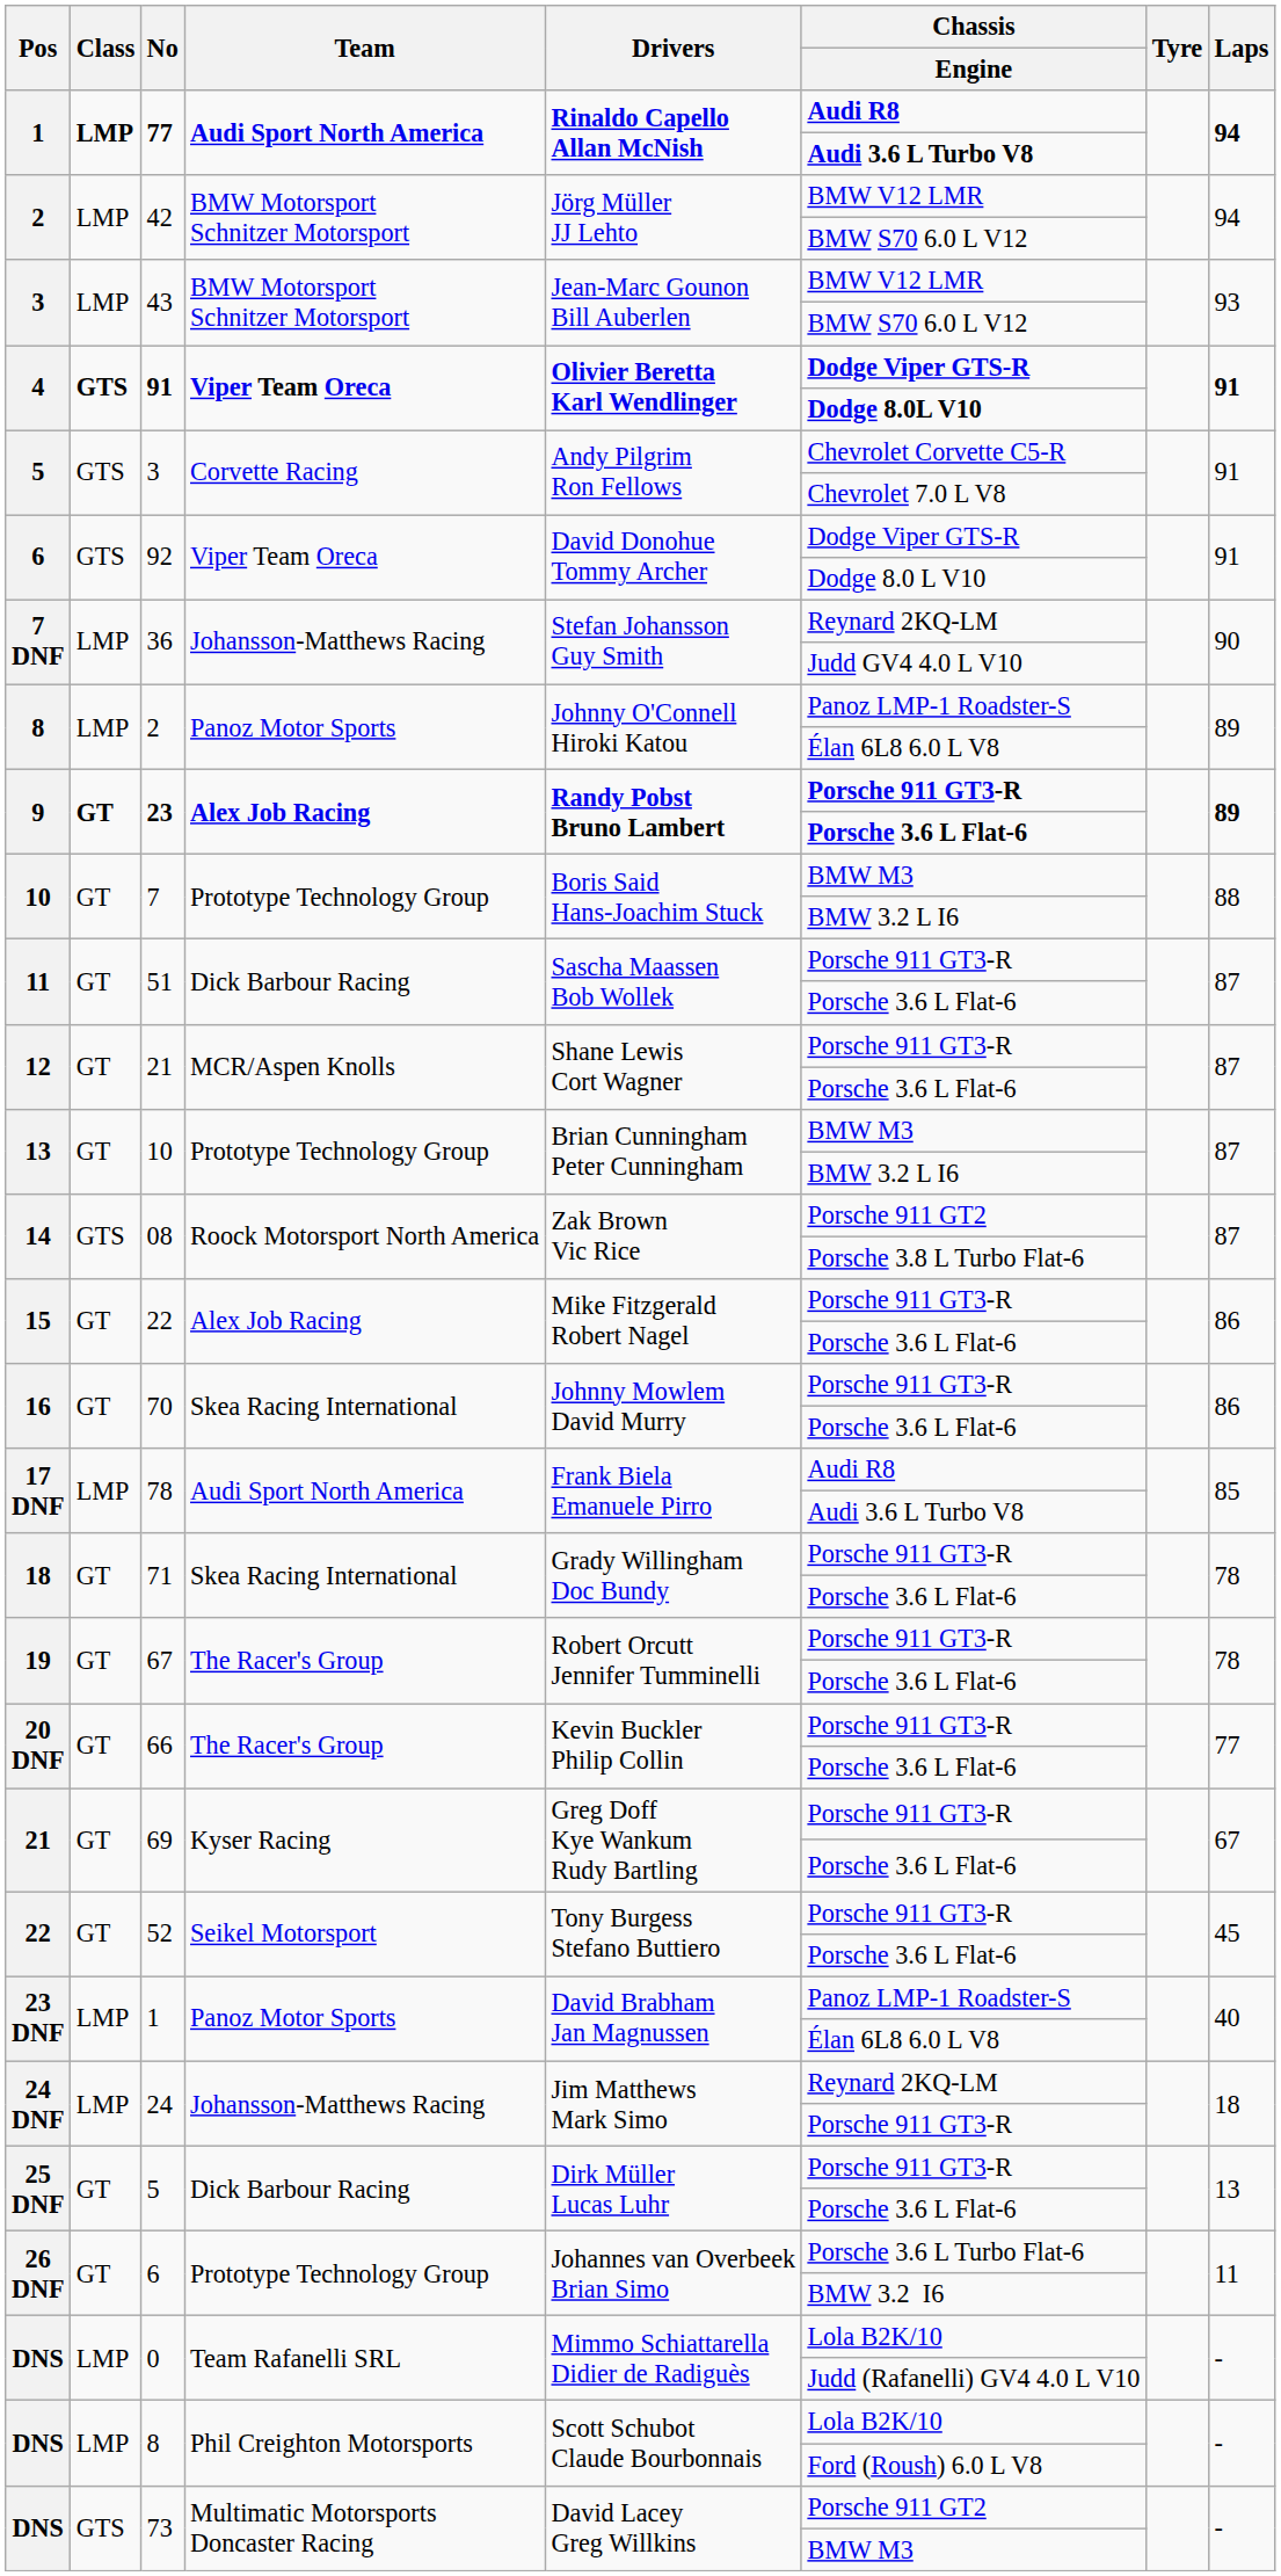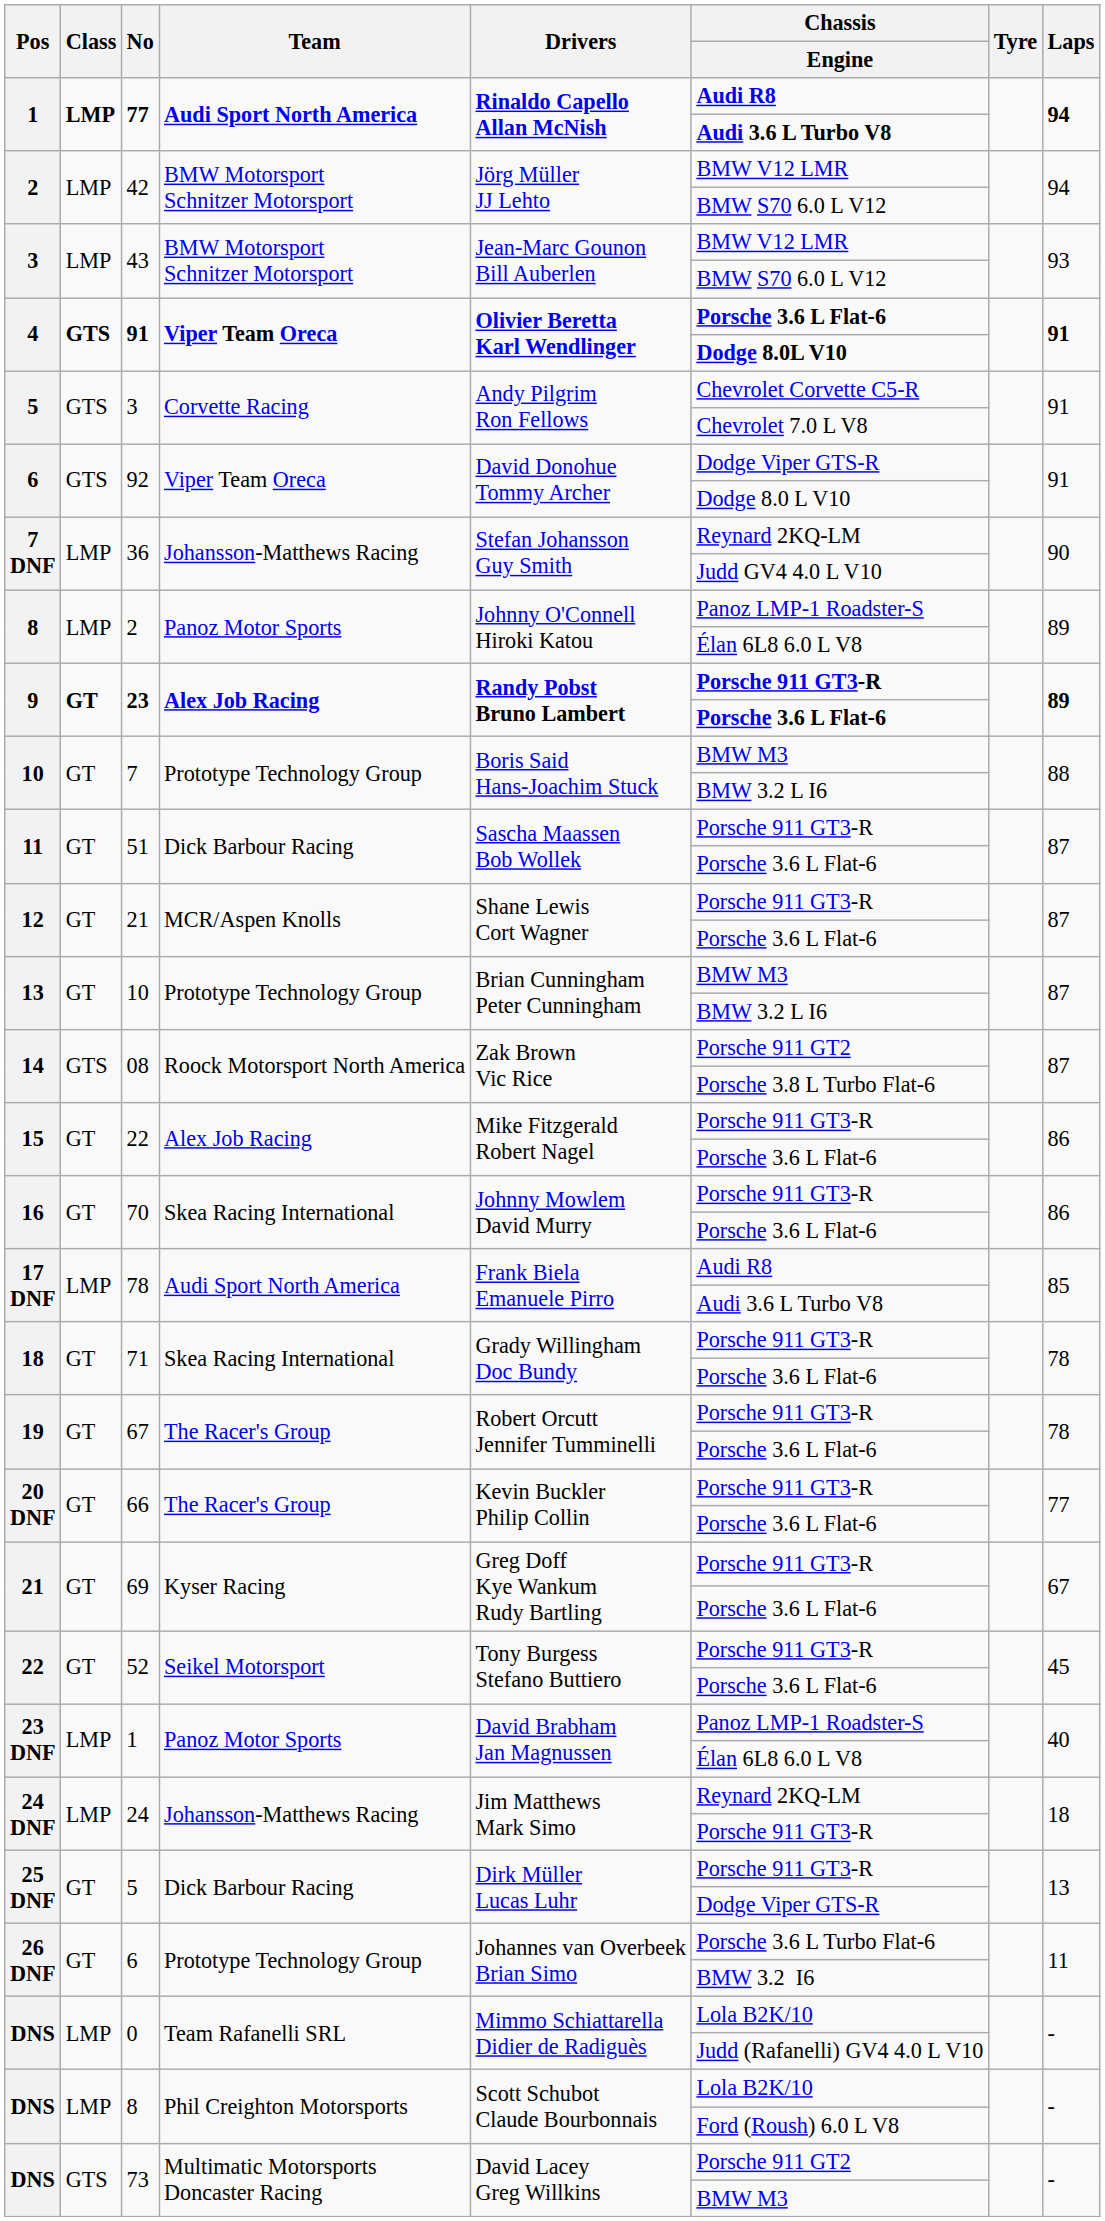 <table class="wikitable" style="font-size: 95%;">
 <tr>
 <th rowspan=2>Pos</th>
 <th rowspan=2>Class</th>
 <th rowspan=2>No</th>
 <th rowspan=2>Team</th>
 <th rowspan=2>Drivers</th>
 <th>Chassis</th>
 <th rowspan=2>Tyre</th>
 <th rowspan=2>Laps</th>
 </tr>
 <tr>
 <th>Engine</th>
 </tr>
 <tr style="font-weight:bold">
 <th rowspan=2>1</th>
 <td rowspan=2>LMP</td>
 <td rowspan=2>77</td>
 <td rowspan=2> <a href='#'>Audi Sport North America</a></td>
 <td rowspan=2> <a href='#'>Rinaldo Capello</a><br> <a href='#'>Allan McNish</a></td>
 <td><a href='#'>Audi R8</a></td>
 <td rowspan=2></td>
 <td rowspan=2>94</td>
 </tr>
 <tr style="font-weight:bold">
 <td><a href='#'>Audi</a> 3.6 L Turbo V8</td>
 </tr>
 <tr>
 <th rowspan=2>2</th>
 <td rowspan=2>LMP</td>
 <td rowspan=2>42</td>
 <td rowspan=2> <a href='#'>BMW Motorsport</a><br> <a href='#'>Schnitzer Motorsport</a></td>
 <td rowspan=2> <a href='#'>Jörg Müller</a><br> <a href='#'>JJ Lehto</a></td>
 <td><a href='#'>BMW V12 LMR</a></td>
 <td rowspan=2></td>
 <td rowspan=2>94</td>
 </tr>
 <tr>
 <td><a href='#'>BMW</a> <a href='#'>S70</a> 6.0 L V12</td>
 </tr>
 <tr>
 <th rowspan=2>3</th>
 <td rowspan=2>LMP</td>
 <td rowspan=2>43</td>
 <td rowspan=2> <a href='#'>BMW Motorsport</a><br> <a href='#'>Schnitzer Motorsport</a></td>
 <td rowspan=2> <a href='#'>Jean-Marc Gounon</a><br> <a href='#'>Bill Auberlen</a></td>
 <td><a href='#'>BMW V12 LMR</a></td>
 <td rowspan=2></td>
 <td rowspan=2>93</td>
 </tr>
 <tr>
 <td><a href='#'>BMW</a> <a href='#'>S70</a> 6.0 L V12</td>
 </tr>
 <tr style="font-weight:bold">
 <th rowspan=2>4</th>
 <td rowspan=2>GTS</td>
 <td rowspan=2>91</td>
 <td rowspan=2> <a href='#'>Viper</a> Team <a href='#'>Oreca</a></td>
 <td rowspan=2> <a href='#'>Olivier Beretta</a><br> <a href='#'>Karl Wendlinger</a></td>
-<td><a href='#'>Dodge Viper GTS-R</a></td>
+<td><a href='#'>Porsche</a> 3.6 L Flat-6</td>
 <td rowspan=2></td>
 <td rowspan=2>91</td>
 </tr>
 <tr style="font-weight:bold">
 <td><a href='#'>Dodge</a> 8.0L V10</td>
 </tr>
 <tr>
 <th rowspan=2>5</th>
 <td rowspan=2>GTS</td>
 <td rowspan=2>3</td>
 <td rowspan=2> <a href='#'>Corvette Racing</a></td>
 <td rowspan=2> <a href='#'>Andy Pilgrim</a><br> <a href='#'>Ron Fellows</a></td>
 <td><a href='#'>Chevrolet Corvette C5-R</a></td>
 <td rowspan=2></td>
 <td rowspan=2>91</td>
 </tr>
 <tr>
 <td><a href='#'>Chevrolet</a> 7.0 L V8</td>
 </tr>
 <tr>
 <th rowspan=2>6</th>
 <td rowspan=2>GTS</td>
 <td rowspan=2>92</td>
 <td rowspan=2> <a href='#'>Viper</a> Team <a href='#'>Oreca</a></td>
 <td rowspan=2> <a href='#'>David Donohue</a><br> <a href='#'>Tommy Archer</a></td>
 <td><a href='#'>Dodge Viper GTS-R</a></td>
 <td rowspan=2></td>
 <td rowspan=2>91</td>
 </tr>
 <tr>
 <td><a href='#'>Dodge</a> 8.0 L V10</td>
 </tr>
 <tr>
 <th rowspan=2>7<br>DNF</th>
 <td rowspan=2>LMP</td>
 <td rowspan=2>36</td>
 <td rowspan=2> <a href='#'>Johansson</a>-Matthews Racing</td>
 <td rowspan=2> <a href='#'>Stefan Johansson</a><br> <a href='#'>Guy Smith</a></td>
 <td><a href='#'>Reynard</a> 2KQ-LM</td>
 <td rowspan=2></td>
 <td rowspan=2>90</td>
 </tr>
 <tr>
 <td><a href='#'>Judd</a> GV4 4.0 L V10</td>
 </tr>
 <tr>
 <th rowspan=2>8</th>
 <td rowspan=2>LMP</td>
 <td rowspan=2>2</td>
 <td rowspan=2> <a href='#'>Panoz Motor Sports</a></td>
 <td rowspan=2> <a href='#'>Johnny O'Connell</a><br> Hiroki Katou</td>
 <td><a href='#'>Panoz LMP-1 Roadster-S</a></td>
 <td rowspan=2></td>
 <td rowspan=2>89</td>
 </tr>
 <tr>
 <td><a href='#'>Élan</a> 6L8 6.0 L V8</td>
 </tr>
 <tr style="font-weight:bold">
 <th rowspan=2>9</th>
 <td rowspan=2>GT</td>
 <td rowspan=2>23</td>
 <td rowspan=2> <a href='#'>Alex Job Racing</a></td>
 <td rowspan=2> <a href='#'>Randy Pobst</a><br> Bruno Lambert</td>
 <td><a href='#'>Porsche 911 GT3</a>-R</td>
 <td rowspan=2></td>
 <td rowspan=2>89</td>
 </tr>
 <tr style="font-weight:bold">
 <td><a href='#'>Porsche</a> 3.6 L Flat-6</td>
 </tr>
 <tr>
 <th rowspan=2>10</th>
 <td rowspan=2>GT</td>
 <td rowspan=2>7</td>
 <td rowspan=2> Prototype Technology Group</td>
 <td rowspan=2> <a href='#'>Boris Said</a><br> <a href='#'>Hans-Joachim Stuck</a></td>
 <td><a href='#'>BMW M3</a></td>
 <td rowspan=2></td>
 <td rowspan=2>88</td>
 </tr>
 <tr>
 <td><a href='#'>BMW</a> 3.2 L I6</td>
 </tr>
 <tr>
 <th rowspan=2>11</th>
 <td rowspan=2>GT</td>
 <td rowspan=2>51</td>
 <td rowspan=2> Dick Barbour Racing</td>
 <td rowspan=2> <a href='#'>Sascha Maassen</a><br> <a href='#'>Bob Wollek</a></td>
 <td><a href='#'>Porsche 911 GT3</a>-R</td>
 <td rowspan=2></td>
 <td rowspan=2>87</td>
 </tr>
 <tr>
 <td><a href='#'>Porsche</a> 3.6 L Flat-6</td>
 </tr>
 <tr>
 <th rowspan=2>12</th>
 <td rowspan=2>GT</td>
 <td rowspan=2>21</td>
 <td rowspan=2> MCR/Aspen Knolls</td>
 <td rowspan=2> Shane Lewis<br> Cort Wagner</td>
 <td><a href='#'>Porsche 911 GT3</a>-R</td>
 <td rowspan=2></td>
 <td rowspan=2>87</td>
 </tr>
 <tr>
 <td><a href='#'>Porsche</a> 3.6 L Flat-6</td>
 </tr>
 <tr>
 <th rowspan=2>13</th>
 <td rowspan=2>GT</td>
 <td rowspan=2>10</td>
 <td rowspan=2> Prototype Technology Group</td>
 <td rowspan=2> Brian Cunningham<br> Peter Cunningham</td>
 <td><a href='#'>BMW M3</a></td>
 <td rowspan=2></td>
 <td rowspan=2>87</td>
 </tr>
 <tr>
 <td><a href='#'>BMW</a> 3.2 L I6</td>
 </tr>
 <tr>
 <th rowspan=2>14</th>
 <td rowspan=2>GTS</td>
 <td rowspan=2>08</td>
 <td rowspan=2> Roock Motorsport North America</td>
 <td rowspan=2> Zak Brown<br> Vic Rice</td>
 <td><a href='#'>Porsche 911 GT2</a></td>
 <td rowspan=2></td>
 <td rowspan=2>87</td>
 </tr>
 <tr>
 <td><a href='#'>Porsche</a> 3.8 L Turbo Flat-6</td>
 </tr>
 <tr>
 <th rowspan=2>15</th>
 <td rowspan=2>GT</td>
 <td rowspan=2>22</td>
 <td rowspan=2> <a href='#'>Alex Job Racing</a></td>
 <td rowspan=2> Mike Fitzgerald<br> Robert Nagel</td>
 <td><a href='#'>Porsche 911 GT3</a>-R</td>
 <td rowspan=2></td>
 <td rowspan=2>86</td>
 </tr>
 <tr>
 <td><a href='#'>Porsche</a> 3.6 L Flat-6</td>
 </tr>
 <tr>
 <th rowspan=2>16</th>
 <td rowspan=2>GT</td>
 <td rowspan=2>70</td>
 <td rowspan=2> Skea Racing International</td>
 <td rowspan=2> <a href='#'>Johnny Mowlem</a><br> David Murry</td>
 <td><a href='#'>Porsche 911 GT3</a>-R</td>
 <td rowspan=2></td>
 <td rowspan=2>86</td>
 </tr>
 <tr>
 <td><a href='#'>Porsche</a> 3.6 L Flat-6</td>
 </tr>
 <tr>
 <th rowspan=2>17<br>DNF</th>
 <td rowspan=2>LMP</td>
 <td rowspan=2>78</td>
 <td rowspan=2> <a href='#'>Audi Sport North America</a></td>
 <td rowspan=2> <a href='#'>Frank Biela</a><br> <a href='#'>Emanuele Pirro</a></td>
 <td><a href='#'>Audi R8</a></td>
 <td rowspan=2></td>
 <td rowspan=2>85</td>
 </tr>
 <tr>
 <td><a href='#'>Audi</a> 3.6 L Turbo V8</td>
 </tr>
 <tr>
 <th rowspan=2>18</th>
 <td rowspan=2>GT</td>
 <td rowspan=2>71</td>
 <td rowspan=2> Skea Racing International</td>
 <td rowspan=2> Grady Willingham<br> <a href='#'>Doc Bundy</a></td>
 <td><a href='#'>Porsche 911 GT3</a>-R</td>
 <td rowspan=2></td>
 <td rowspan=2>78</td>
 </tr>
 <tr>
 <td><a href='#'>Porsche</a> 3.6 L Flat-6</td>
 </tr>
 <tr>
 <th rowspan=2>19</th>
 <td rowspan=2>GT</td>
 <td rowspan=2>67</td>
 <td rowspan=2> <a href='#'>The Racer's Group</a></td>
 <td rowspan=2> Robert Orcutt<br> Jennifer Tumminelli</td>
 <td><a href='#'>Porsche 911 GT3</a>-R</td>
 <td rowspan=2></td>
 <td rowspan=2>78</td>
 </tr>
 <tr>
 <td><a href='#'>Porsche</a> 3.6 L Flat-6</td>
 </tr>
 <tr>
 <th rowspan=2>20<br>DNF</th>
 <td rowspan=2>GT</td>
 <td rowspan=2>66</td>
 <td rowspan=2> <a href='#'>The Racer's Group</a></td>
 <td rowspan=2> Kevin Buckler<br> Philip Collin</td>
 <td><a href='#'>Porsche 911 GT3</a>-R</td>
 <td rowspan=2></td>
 <td rowspan=2>77</td>
 </tr>
 <tr>
 <td><a href='#'>Porsche</a> 3.6 L Flat-6</td>
 </tr>
 <tr>
 <th rowspan=2>21</th>
 <td rowspan=2>GT</td>
 <td rowspan=2>69</td>
 <td rowspan=2> Kyser Racing</td>
 <td rowspan=2> Greg Doff<br> Kye Wankum<br> Rudy Bartling</td>
 <td><a href='#'>Porsche 911 GT3</a>-R</td>
 <td rowspan=2></td>
 <td rowspan=2>67</td>
 </tr>
 <tr>
 <td><a href='#'>Porsche</a> 3.6 L Flat-6</td>
 </tr>
 <tr>
 <th rowspan=2>22</th>
 <td rowspan=2>GT</td>
 <td rowspan=2>52</td>
 <td rowspan=2> <a href='#'>Seikel Motorsport</a></td>
 <td rowspan=2> Tony Burgess<br> Stefano Buttiero</td>
 <td><a href='#'>Porsche 911 GT3</a>-R</td>
 <td rowspan=2></td>
 <td rowspan=2>45</td>
 </tr>
 <tr>
 <td><a href='#'>Porsche</a> 3.6 L Flat-6</td>
 </tr>
 <tr>
 <th rowspan=2>23<br>DNF</th>
 <td rowspan=2>LMP</td>
 <td rowspan=2>1</td>
 <td rowspan=2> <a href='#'>Panoz Motor Sports</a></td>
 <td rowspan=2> <a href='#'>David Brabham</a><br> <a href='#'>Jan Magnussen</a></td>
 <td><a href='#'>Panoz LMP-1 Roadster-S</a></td>
 <td rowspan=2></td>
 <td rowspan=2>40</td>
 </tr>
 <tr>
 <td><a href='#'>Élan</a> 6L8 6.0 L V8</td>
 </tr>
 <tr>
 <th rowspan=2>24<br>DNF</th>
 <td rowspan=2>LMP</td>
 <td rowspan=2>24</td>
 <td rowspan=2> <a href='#'>Johansson</a>-Matthews Racing</td>
 <td rowspan=2> Jim Matthews<br> Mark Simo</td>
 <td><a href='#'>Reynard</a> 2KQ-LM</td>
 <td rowspan=2></td>
 <td rowspan=2>18</td>
 </tr>
 <tr>
 <td><a href='#'>Porsche 911 GT3</a>-R</td>
 </tr>
 <tr>
 <th rowspan=2>25<br>DNF</th>
 <td rowspan=2>GT</td>
 <td rowspan=2>5</td>
 <td rowspan=2> Dick Barbour Racing</td>
 <td rowspan=2> <a href='#'>Dirk Müller</a><br> <a href='#'>Lucas Luhr</a></td>
 <td><a href='#'>Porsche 911 GT3</a>-R</td>
 <td rowspan=2></td>
 <td rowspan=2>13</td>
 </tr>
 <tr>
-<td><a href='#'>Porsche</a> 3.6 L Flat-6</td>
+<td><a href='#'>Dodge Viper GTS-R</a></td>
 </tr>
 <tr>
 <th rowspan=2>26<br>DNF</th>
 <td rowspan=2>GT</td>
 <td rowspan=2>6</td>
 <td rowspan=2> Prototype Technology Group</td>
 <td rowspan=2> Johannes van Overbeek<br> <a href='#'>Brian Simo</a></td>
 <td><a href='#'>Porsche</a> 3.6 L Turbo Flat-6</td>
 <td rowspan=2></td>
 <td rowspan=2>11</td>
 </tr>
 <tr>
 <td><a href='#'>BMW</a> 3.2  I6</td>
 </tr>
 <tr>
 <th rowspan=2>DNS</th>
 <td rowspan=2>LMP</td>
 <td rowspan=2>0</td>
 <td rowspan=2> Team Rafanelli SRL</td>
 <td rowspan=2> <a href='#'>Mimmo Schiattarella</a><br> <a href='#'>Didier de Radiguès</a></td>
 <td><a href='#'>Lola B2K/10</a></td>
 <td rowspan=2></td>
 <td rowspan=2>-</td>
 </tr>
 <tr>
 <td><a href='#'>Judd</a> (Rafanelli) GV4 4.0 L V10</td>
 </tr>
 <tr>
 <th rowspan=2>DNS</th>
 <td rowspan=2>LMP</td>
 <td rowspan=2>8</td>
 <td rowspan=2> Phil Creighton Motorsports</td>
 <td rowspan=2> Scott Schubot<br> Claude Bourbonnais</td>
 <td><a href='#'>Lola B2K/10</a></td>
 <td rowspan=2></td>
 <td rowspan=2>-</td>
 </tr>
 <tr>
 <td><a href='#'>Ford</a> (<a href='#'>Roush</a>) 6.0 L V8</td>
 </tr>
 <tr>
 <th rowspan=2>DNS</th>
 <td rowspan=2>GTS</td>
 <td rowspan=2>73</td>
 <td rowspan=2> Multimatic Motorsports<br> Doncaster Racing</td>
 <td rowspan=2> David Lacey<br> Greg Willkins</td>
 <td><a href='#'>Porsche 911 GT2</a></td>
 <td rowspan=2></td>
 <td rowspan=2>-</td>
 </tr>
 <tr>
 <td><a href='#'>BMW M3</a></td>
 </tr>
 </table>
